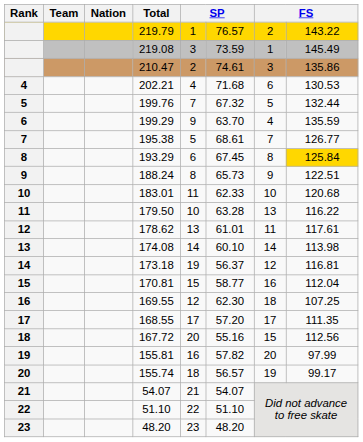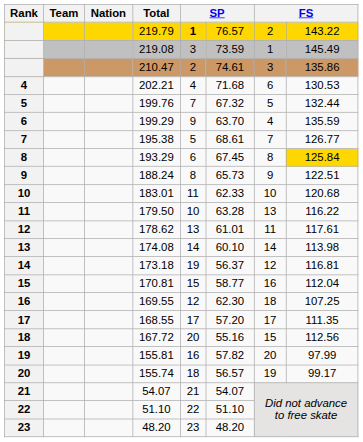 <table class="wikitable sortable" style="text-align:center; width:80%">
 <tr>
 <th scope="col">Rank</th>
 <th scope="col">Team</th>
 <th scope="col">Nation</th>
 <th scope="col">Total</th>
 <th colspan="2" width="80px"><a href='#'>SP</a></th>
 <th colspan="2" width="80px"><a href='#'>FS</a></th>
 </tr>
 <tr bgcolor="gold">
 <th scope="row"></th>
 <td align="left"></td>
 <td align="left"></td>
 <td>219.79</td>
-<td>1</td>
+<td><strong>1</strong></td>
 <td>76.57</td>
 <td>2</td>
 <td>143.22</td>
 </tr>
 <tr bgcolor="silver">
 <th scope="row"></th>
 <td align="left"></td>
 <td align="left"></td>
 <td>219.08</td>
 <td>3</td>
 <td>73.59</td>
 <td>1</td>
 <td>145.49</td>
 </tr>
 <tr bgcolor="#cc9966">
 <th scope="row"></th>
 <td align="left"></td>
 <td align="left"></td>
 <td>210.47</td>
 <td>2</td>
 <td>74.61</td>
 <td>3</td>
 <td>135.86</td>
 </tr>
 <tr>
 <th scope="row">4</th>
 <td align="left"></td>
 <td align="left"></td>
 <td>202.21</td>
 <td>4</td>
 <td>71.68</td>
 <td>6</td>
 <td>130.53</td>
 </tr>
 <tr>
 <th scope="row">5</th>
 <td align="left"></td>
 <td align="left"></td>
 <td>199.76</td>
 <td>7</td>
 <td>67.32</td>
 <td>5</td>
 <td>132.44</td>
 </tr>
 <tr>
 <th scope="row">6</th>
 <td align="left"></td>
 <td align="left"></td>
 <td>199.29</td>
 <td>9</td>
 <td>63.70</td>
 <td>4</td>
 <td>135.59</td>
 </tr>
 <tr>
 <th scope="row">7</th>
 <td align="left"></td>
 <td align="left"></td>
 <td>195.38</td>
 <td>5</td>
 <td>68.61</td>
 <td>7</td>
 <td>126.77</td>
 </tr>
 <tr>
 <th scope="row">8</th>
 <td align="left"></td>
 <td align="left"></td>
 <td>193.29</td>
 <td>6</td>
 <td>67.45</td>
 <td>8</td>
 <td style="background: gold;">125.84</td>
 </tr>
 <tr>
 <th scope="row">9</th>
 <td align="left"></td>
 <td align="left"></td>
 <td>188.24</td>
 <td>8</td>
 <td>65.73</td>
 <td>9</td>
 <td>122.51</td>
 </tr>
 <tr>
 <th scope="row">10</th>
 <td align="left"></td>
 <td align="left"></td>
 <td>183.01</td>
 <td>11</td>
 <td>62.33</td>
 <td>10</td>
 <td>120.68</td>
 </tr>
 <tr>
 <th scope="row">11</th>
 <td align="left"></td>
 <td align="left"></td>
 <td>179.50</td>
 <td>10</td>
 <td>63.28</td>
 <td>13</td>
 <td>116.22</td>
 </tr>
 <tr>
 <th scope="row">12</th>
 <td align="left"></td>
 <td align="left"></td>
 <td>178.62</td>
 <td>13</td>
 <td>61.01</td>
 <td>11</td>
 <td>117.61</td>
 </tr>
 <tr>
 <th scope="row">13</th>
 <td align="left"></td>
 <td align="left"></td>
 <td>174.08</td>
 <td>14</td>
 <td>60.10</td>
 <td>14</td>
 <td>113.98</td>
 </tr>
 <tr>
 <th scope="row">14</th>
 <td align="left"></td>
 <td align="left"></td>
 <td>173.18</td>
 <td>19</td>
 <td>56.37</td>
 <td>12</td>
 <td>116.81</td>
 </tr>
 <tr>
 <th scope="row">15</th>
 <td align="left"></td>
 <td align="left"></td>
 <td>170.81</td>
 <td>15</td>
 <td>58.77</td>
 <td>16</td>
 <td>112.04</td>
 </tr>
 <tr>
 <th scope="row">16</th>
 <td align="left"></td>
 <td align="left"></td>
 <td>169.55</td>
 <td>12</td>
 <td>62.30</td>
 <td>18</td>
 <td>107.25</td>
 </tr>
 <tr>
 <th scope="row">17</th>
 <td align="left"></td>
 <td align="left"></td>
 <td>168.55</td>
 <td>17</td>
 <td>57.20</td>
 <td>17</td>
 <td>111.35</td>
 </tr>
 <tr>
 <th scope="row">18</th>
 <td align="left"></td>
 <td align="left"></td>
 <td>167.72</td>
 <td>20</td>
 <td>55.16</td>
 <td>15</td>
 <td>112.56</td>
 </tr>
 <tr>
 <th scope="row">19</th>
 <td align="left"></td>
 <td align="left"></td>
 <td>155.81</td>
 <td>16</td>
 <td>57.82</td>
 <td>20</td>
 <td>97.99</td>
 </tr>
 <tr>
 <th scope="row">20</th>
 <td align="left"></td>
 <td align="left"></td>
 <td>155.74</td>
 <td>18</td>
 <td>56.57</td>
 <td>19</td>
 <td>99.17</td>
 </tr>
 <tr>
 <th scope="row">21</th>
 <td align="left"></td>
 <td align="left"></td>
 <td>54.07</td>
 <td>21</td>
 <td>54.07</td>
 <td colspan="2" rowspan="3" bgcolor="e5e4e2" align="center"><em>Did not advance<br>to free skate</em></td>
 </tr>
 <tr>
 <th scope="row">22</th>
 <td align="left"></td>
 <td align="left"></td>
 <td>51.10</td>
 <td>22</td>
 <td>51.10</td>
 </tr>
 <tr>
 <th scope="row">23</th>
 <td align="left"></td>
 <td align="left"></td>
 <td>48.20</td>
 <td>23</td>
 <td>48.20</td>
 </tr>
 </table>
